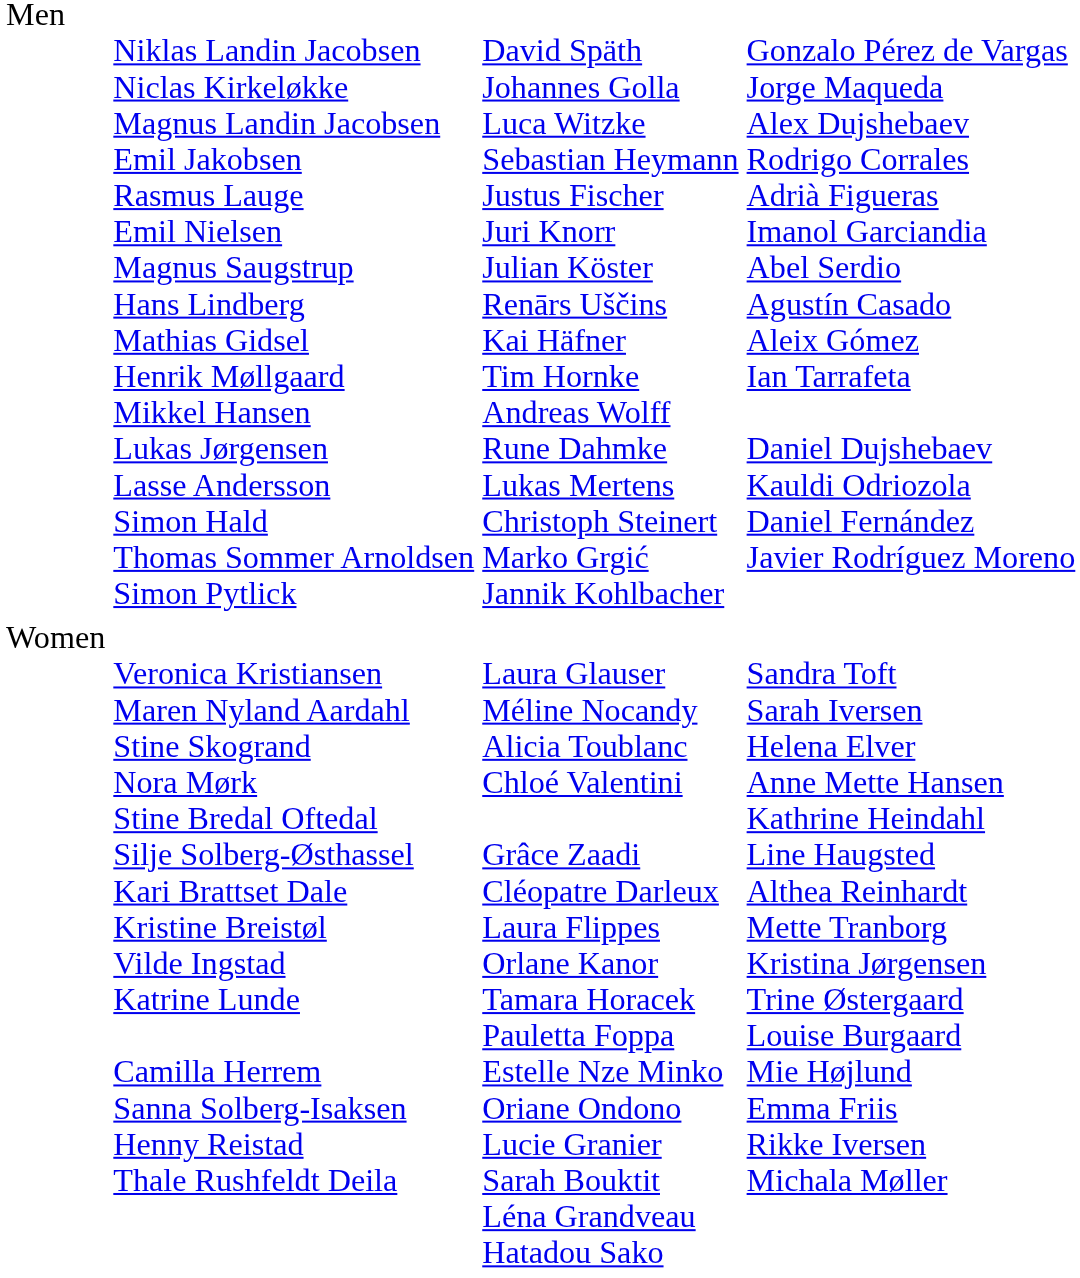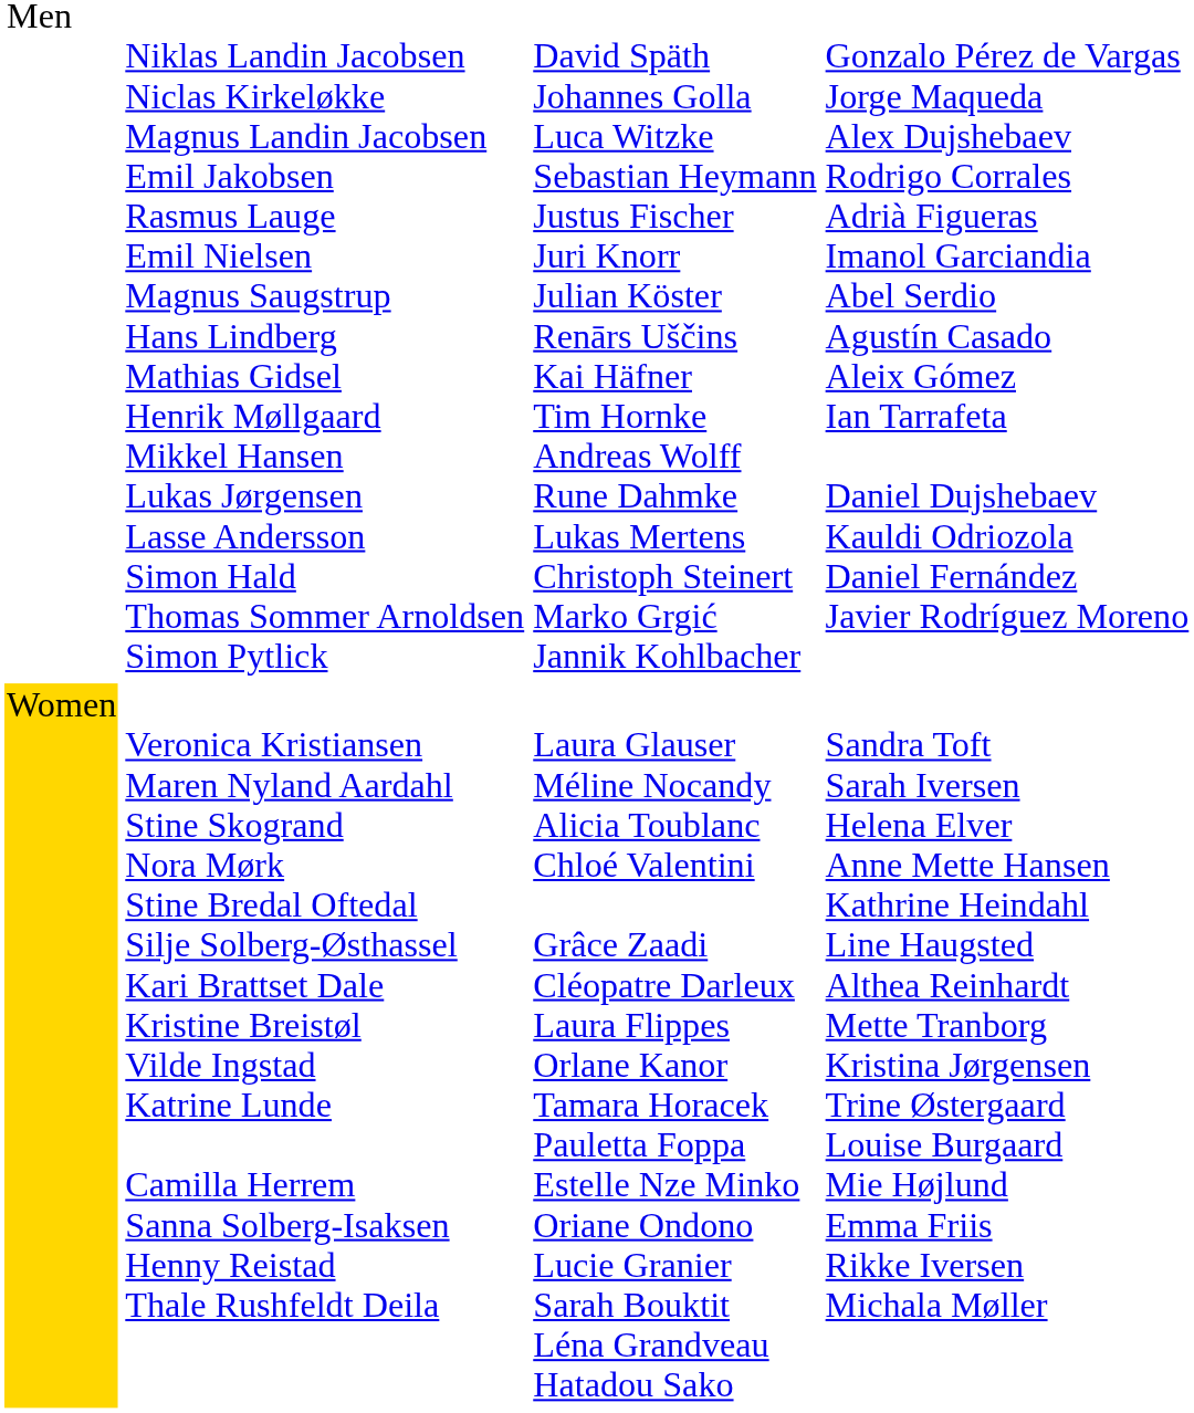 <table>
 <tr valign="top">
 <td>Men<br></td>
 <td><br><a href='#'>Niklas Landin Jacobsen</a> <br><a href='#'>Niclas Kirkeløkke</a><br><a href='#'>Magnus Landin Jacobsen</a><br><a href='#'>Emil Jakobsen</a><br><a href='#'>Rasmus Lauge</a><br><a href='#'>Emil Nielsen</a> <br><a href='#'>Magnus Saugstrup</a><br><a href='#'>Hans Lindberg</a><br><a href='#'>Mathias Gidsel</a><br><a href='#'>Henrik Møllgaard</a><br><a href='#'>Mikkel Hansen</a><br><a href='#'>Lukas Jørgensen</a><br><a href='#'>Lasse Andersson</a><br><a href='#'>Simon Hald</a><br><a href='#'>Thomas Sommer Arnoldsen</a><br><a href='#'>Simon Pytlick</a></td>
 <td><br><a href='#'>David Späth</a> <br><a href='#'>Johannes Golla</a> <br><a href='#'>Luca Witzke</a><br><a href='#'>Sebastian Heymann</a><br><a href='#'>Justus Fischer</a><br><a href='#'>Juri Knorr</a><br><a href='#'>Julian Köster</a><br><a href='#'>Renārs Uščins</a><br><a href='#'>Kai Häfner</a><br><a href='#'>Tim Hornke</a><br><a href='#'>Andreas Wolff</a> <br><a href='#'>Rune Dahmke</a><br><a href='#'>Lukas Mertens</a><br><a href='#'>Christoph Steinert</a><br><a href='#'>Marko Grgić</a><br><a href='#'>Jannik Kohlbacher</a></td>
 <td><br><a href='#'>Gonzalo Pérez de Vargas</a><br><a href='#'>Jorge Maqueda</a><br><a href='#'>Alex Dujshebaev</a><br><a href='#'>Rodrigo Corrales</a><br><a href='#'>Adrià Figueras</a><br><a href='#'>Imanol Garciandia</a><br><a href='#'>Abel Serdio</a><br><a href='#'>Agustín Casado</a><br><a href='#'>Aleix Gómez</a><br><a href='#'>Ian Tarrafeta</a><br><br><a href='#'>Daniel Dujshebaev</a><br><a href='#'>Kauldi Odriozola</a><br><a href='#'>Daniel Fernández</a><br><a href='#'>Javier Rodríguez Moreno</a></td>
 </tr>
 <tr valign="top">
-<td>Women<br></td>
+<td style="background: gold;">Women<br></td>
 <td><br><a href='#'>Veronica Kristiansen</a><br><a href='#'>Maren Nyland Aardahl</a><br><a href='#'>Stine Skogrand</a><br><a href='#'>Nora Mørk</a><br><a href='#'>Stine Bredal Oftedal</a><br><a href='#'>Silje Solberg-Østhassel</a><br><a href='#'>Kari Brattset Dale</a><br><a href='#'>Kristine Breistøl</a><br><a href='#'>Vilde Ingstad</a><br><a href='#'>Katrine Lunde</a><br><br><a href='#'>Camilla Herrem</a><br><a href='#'>Sanna Solberg-Isaksen</a><br><a href='#'>Henny Reistad</a><br><a href='#'>Thale Rushfeldt Deila</a></td>
 <td><br><a href='#'>Laura Glauser</a><br><a href='#'>Méline Nocandy</a><br><a href='#'>Alicia Toublanc</a><br><a href='#'>Chloé Valentini</a><br><br><a href='#'>Grâce Zaadi</a><br><a href='#'>Cléopatre Darleux</a><br><a href='#'>Laura Flippes</a><br><a href='#'>Orlane Kanor</a><br><a href='#'>Tamara Horacek</a><br><a href='#'>Pauletta Foppa</a><br><a href='#'>Estelle Nze Minko</a><br><a href='#'>Oriane Ondono</a><br><a href='#'>Lucie Granier</a><br><a href='#'>Sarah Bouktit</a><br><a href='#'>Léna Grandveau</a><br><a href='#'>Hatadou Sako</a></td>
 <td><br><a href='#'>Sandra Toft</a><br><a href='#'>Sarah Iversen</a><br><a href='#'>Helena Elver</a><br><a href='#'>Anne Mette Hansen</a><br><a href='#'>Kathrine Heindahl</a><br><a href='#'>Line Haugsted</a><br><a href='#'>Althea Reinhardt</a><br><a href='#'>Mette Tranborg</a><br><a href='#'>Kristina Jørgensen</a><br><a href='#'>Trine Østergaard</a><br><a href='#'>Louise Burgaard</a><br><a href='#'>Mie Højlund</a><br><a href='#'>Emma Friis</a><br><a href='#'>Rikke Iversen</a><br><a href='#'>Michala Møller</a></td>
 </tr>
 </table>
